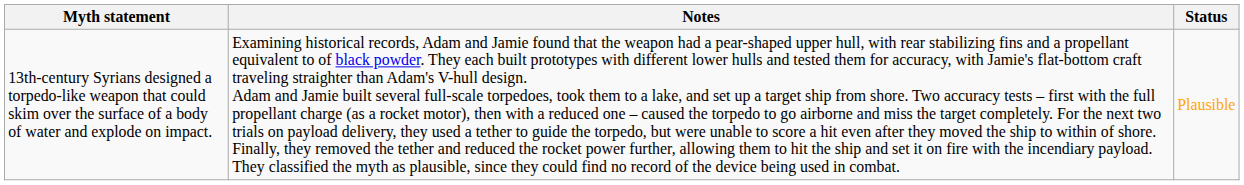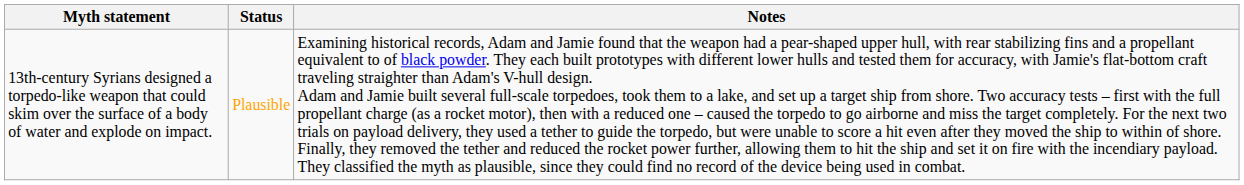 <table class="wikitable plainrowheaders">
 <tr>
 <th>Myth statement</th>
+<th>Status</th>
 <th>Notes</th>
-<th>Status</th>
 </tr>
 <tr>
 <td>13th-century Syrians designed a torpedo-like weapon that could skim over the surface of a body of water and explode on impact.</td>
+<td style="color:orange">Plausible</td>
 <td>Examining historical records, Adam and Jamie found that the weapon had a pear-shaped upper hull, with rear stabilizing fins and a propellant equivalent to  of <a href='#'>black powder</a>. They each built prototypes with different lower hulls and tested them for accuracy, with Jamie's flat-bottom craft traveling straighter than Adam's V-hull design.<br>Adam and Jamie built several full-scale torpedoes, took them to a lake, and set up a target ship  from shore. Two accuracy tests – first with the full propellant charge (as a rocket motor), then with a reduced one – caused the torpedo to go airborne and miss the target completely. For the next two trials on payload delivery, they used a tether to guide the torpedo, but were unable to score a hit even after they moved the ship to within  of shore. Finally, they removed the tether and reduced the rocket power further, allowing them to hit the ship and set it on fire with the incendiary payload. They classified the myth as plausible, since they could find no record of the device being used in combat.</td>
-<td style="color:orange">Plausible</td>
 </tr>
 </table>
